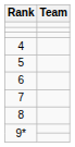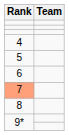 <table class="wikitable">
 <tr>
 <th width=40>Rank</th>
 <th>Team</th>
 </tr>
 <tr>
 <td align=center></td>
 <td></td>
 </tr>
 <tr>
 <td align=center></td>
 <td></td>
 </tr>
 <tr>
 <td align=center></td>
 <td></td>
 </tr>
 <tr>
 <td align=center>4</td>
 <td></td>
 </tr>
 <tr>
 <td align=center>5</td>
 <td></td>
 </tr>
 <tr>
 <td align=center>6</td>
 <td></td>
 </tr>
 <tr>
-<td align=center>7</td>
+<td align=center style="background: lightsalmon;">7</td>
 <td></td>
 </tr>
 <tr>
 <td align=center>8</td>
 <td></td>
 </tr>
 <tr>
 <td rowspan="2" align="center">9*</td>
 <td></td>
 </tr>
 <tr>
 <td></td>
 </tr>
 </table>
